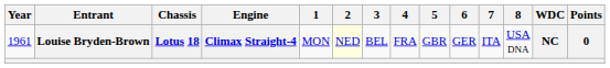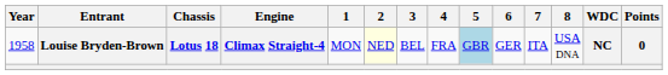 <table class="wikitable" style="text-align:center; font-size:90%">
 <tr>
 <th>Year</th>
 <th>Entrant</th>
 <th>Chassis</th>
 <th>Engine</th>
 <th>1</th>
 <th>2</th>
 <th>3</th>
 <th>4</th>
 <th>5</th>
 <th>6</th>
 <th>7</th>
 <th>8</th>
 <th>WDC</th>
 <th>Points</th>
 </tr>
 <tr>
-<td><a href='#'>1961</a></td>
+<td><a href='#'>1958</a></td>
 <th>Louise Bryden-Brown</th>
 <th><a href='#'>Lotus</a> <a href='#'>18</a></th>
 <th><a href='#'>Climax</a> <a href='#'>Straight-4</a></th>
 <td><a href='#'>MON</a></td>
 <td style="background: lightyellow;"><a href='#'>NED</a></td>
 <td><a href='#'>BEL</a></td>
 <td><a href='#'>FRA</a></td>
-<td><a href='#'>GBR</a></td>
+<td style="background: lightblue;"><a href='#'>GBR</a></td>
 <td><a href='#'>GER</a></td>
 <td><a href='#'>ITA</a></td>
 <td><a href='#'>USA</a><br><small>DNA</small></td>
 <th>NC</th>
 <th>0</th>
 </tr>
 <tr>
 <th colspan="14"></th>
 </tr>
 </table>
